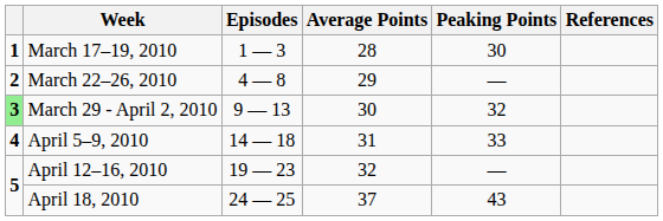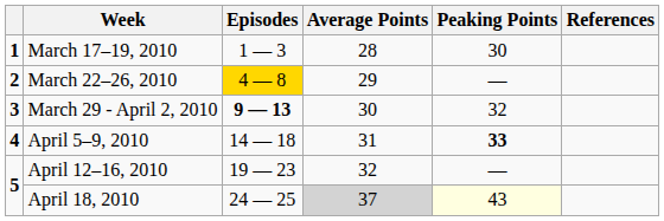 <table class="wikitable">
 <tr>
 <th></th>
 <th>Week</th>
 <th>Episodes</th>
 <th>Average Points</th>
 <th>Peaking Points</th>
 <th>References</th>
 </tr>
 <tr>
 <td style="text-align:center;"><strong>1</strong></td>
 <td>March 17–19, 2010</td>
 <td style="text-align:center;">1 — 3</td>
 <td style="text-align:center;">28</td>
 <td style="text-align:center;">30</td>
 <td></td>
 </tr>
 <tr>
 <td style="text-align:center;"><strong>2</strong></td>
 <td>March 22–26, 2010</td>
-<td style="text-align:center;">4 — 8</td>
+<td style="background: gold; text-align:center;">4 — 8</td>
 <td style="text-align:center;">29</td>
 <td style="text-align:center;">—</td>
 <td></td>
 </tr>
 <tr>
-<td style="background: lightgreen; text-align:center;"><strong>3</strong></td>
+<td style="text-align:center;"><strong>3</strong></td>
 <td>March 29 - April 2, 2010</td>
-<td style="text-align:center;">9 — 13</td>
+<td style="text-align:center;"><strong>9 — 13</strong></td>
 <td style="text-align:center;">30</td>
 <td style="text-align:center;">32</td>
 <td></td>
 </tr>
 <tr>
 <td style="text-align:center;"><strong>4</strong></td>
 <td>April 5–9, 2010</td>
 <td style="text-align:center;">14 — 18</td>
 <td style="text-align:center;">31</td>
-<td style="text-align:center;">33</td>
+<td style="text-align:center;"><strong>33</strong></td>
 <td></td>
 </tr>
 <tr>
 <td rowspan="2" style="text-align:center;"><strong>5</strong></td>
 <td>April 12–16, 2010</td>
 <td style="text-align:center;">19 — 23</td>
 <td style="text-align:center;">32</td>
 <td style="text-align:center;">—</td>
 <td></td>
 </tr>
 <tr>
 <td>April 18, 2010</td>
 <td style="text-align:center;">24 — 25</td>
-<td style="text-align:center;">37</td>
-<td style="text-align:center;">43</td>
+<td style="background: lightgrey; text-align:center;">37</td>
+<td style="background: lightyellow; text-align:center;">43</td>
 <td></td>
 </tr>
 </table>
